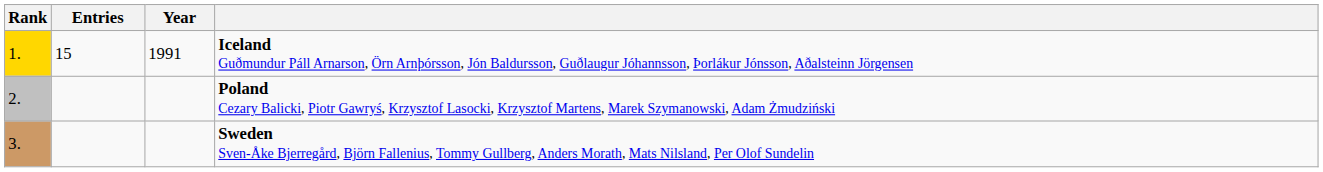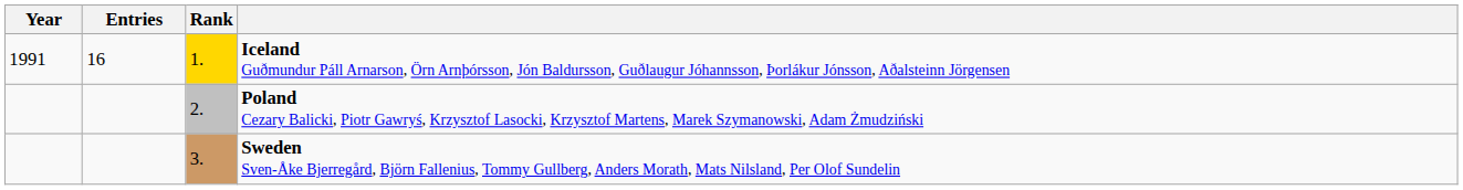 <table class="wikitable" style="width:100%;">
 <tr>
+<th>Year</th>
+<th>Entries</th>
 <th>Rank</th>
-<th>Entries</th>
-<th>Year</th>
 <th></th>
 </tr>
 <tr>
+<td width = 60>1991</td>
+<td>16</td>
 <td style="background:gold; width:30px;">1.</td>
-<td>15</td>
-<td width = 60>1991</td>
 <td> <strong>Iceland</strong><br><small><a href='#'>Guðmundur Páll Arnarson</a>, <a href='#'>Örn Arnþórsson</a>, <a href='#'>Jón Baldursson</a>, <a href='#'>Guðlaugur Jóhannsson</a>, <a href='#'>Þorlákur Jónsson</a>, <a href='#'>Aðalsteinn Jörgensen</a></small></td>
 </tr>
 <tr>
-<td style="background:silver;">2.</td>
 <td></td>
 <td></td>
+<td style="background:silver;">2.</td>
 <td> <strong>Poland</strong><br><small><a href='#'>Cezary Balicki</a>, <a href='#'>Piotr Gawryś</a>, <a href='#'>Krzysztof Lasocki</a>, <a href='#'>Krzysztof Martens</a>, <a href='#'>Marek Szymanowski</a>, <a href='#'>Adam Żmudziński</a></small></td>
 </tr>
 <tr>
-<td style="background:#c96;">3.</td>
 <td></td>
 <td></td>
+<td style="background:#c96;">3.</td>
 <td> <strong>Sweden</strong><br><small><a href='#'>Sven-Åke Bjerregård</a>, <a href='#'>Björn Fallenius</a>, <a href='#'>Tommy Gullberg</a>, <a href='#'>Anders Morath</a>, <a href='#'>Mats Nilsland</a>, <a href='#'>Per Olof Sundelin</a></small></td>
 </tr>
 </table>
